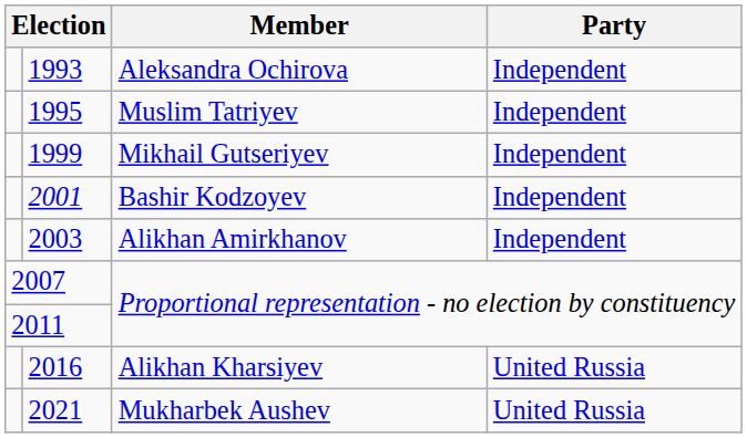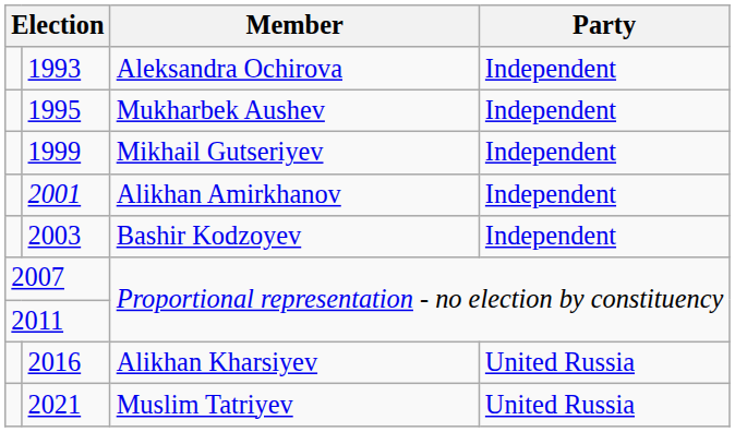 <table class="wikitable">
 <tr>
 <th colspan="2">Election</th>
 <th>Member</th>
 <th>Party</th>
 </tr>
 <tr>
 <td style="background-color:"></td>
 <td><a href='#'>1993</a></td>
 <td><a href='#'>Aleksandra Ochirova</a></td>
 <td><a href='#'>Independent</a></td>
 </tr>
 <tr>
 <td style="background-color:"></td>
 <td><a href='#'>1995</a></td>
-<td><a href='#'>Muslim Tatriyev</a></td>
+<td><a href='#'>Mukharbek Aushev</a></td>
 <td><a href='#'>Independent</a></td>
 </tr>
 <tr>
 <td style="background-color:"></td>
 <td><a href='#'>1999</a></td>
 <td><a href='#'>Mikhail Gutseriyev</a></td>
 <td><a href='#'>Independent</a></td>
 </tr>
 <tr>
 <td style="background-color:"></td>
 <td><em><a href='#'>2001</a></em></td>
-<td><a href='#'>Bashir Kodzoyev</a></td>
+<td><a href='#'>Alikhan Amirkhanov</a></td>
 <td><a href='#'>Independent</a></td>
 </tr>
 <tr>
 <td style="background-color:"></td>
 <td><a href='#'>2003</a></td>
-<td><a href='#'>Alikhan Amirkhanov</a></td>
+<td><a href='#'>Bashir Kodzoyev</a></td>
 <td><a href='#'>Independent</a></td>
 </tr>
 <tr>
 <td colspan=2><a href='#'>2007</a></td>
 <td colspan=2 rowspan=2><em><a href='#'>Proportional representation</a> - no election by constituency</em></td>
 </tr>
 <tr>
 <td colspan=2><a href='#'>2011</a></td>
 </tr>
 <tr>
 <td style="background-color: "></td>
 <td><a href='#'>2016</a></td>
 <td><a href='#'>Alikhan Kharsiyev</a></td>
 <td><a href='#'>United Russia</a></td>
 </tr>
 <tr>
 <td style="background-color: "></td>
 <td><a href='#'>2021</a></td>
-<td><a href='#'>Mukharbek Aushev</a></td>
+<td><a href='#'>Muslim Tatriyev</a></td>
 <td><a href='#'>United Russia</a></td>
 </tr>
 </table>
